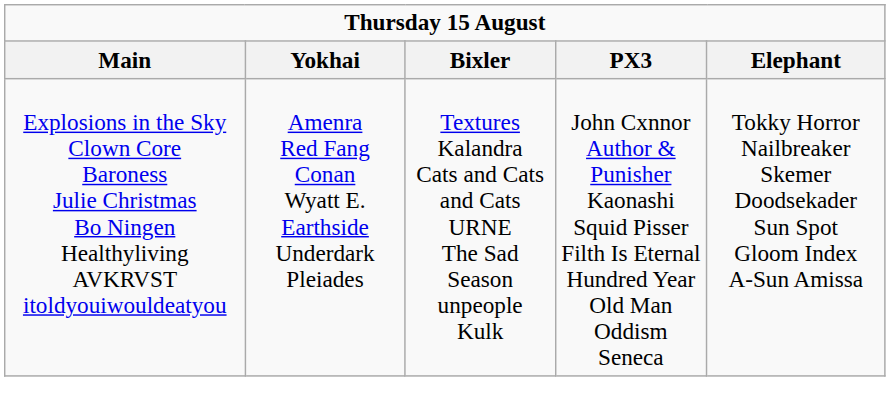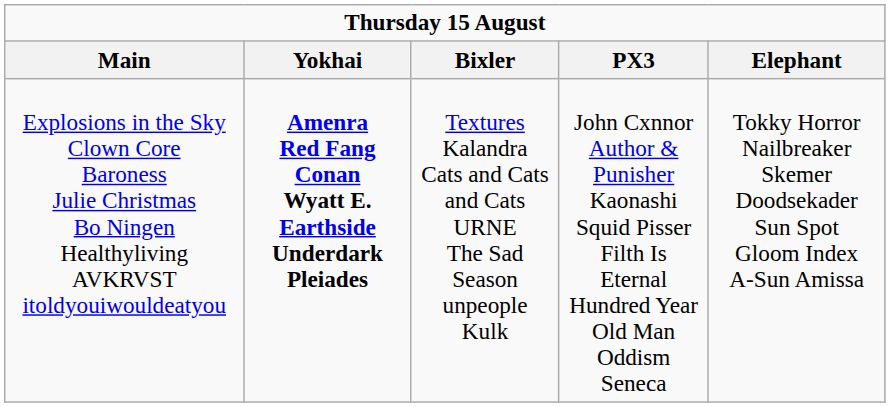 <table class="wikitable">
 <tr>
 <td colspan="5" style="text-align:center;"><strong>Thursday 15 August</strong></td>
 </tr>
 <tr>
 <th>Main</th>
 <th>Yokhai</th>
 <th>Bixler</th>
 <th>PX3</th>
 <th>Elephant</th>
 </tr>
 <tr>
 <td style="text-align:center; vertical-align:top; width:215px;"><br><a href='#'>Explosions in the Sky</a><br> <a href='#'>Clown Core</a><br> <a href='#'>Baroness</a><br> <a href='#'>Julie Christmas</a><br> <a href='#'>Bo Ningen</a><br> Healthyliving<br> AVKRVST<br> <a href='#'>itoldyouiwouldeatyou</a> <br></td>
-<td style="text-align:center; vertical-align:top; width:215px;"><br><a href='#'>Amenra</a><br> <a href='#'>Red Fang</a><br> <a href='#'>Conan</a><br> Wyatt E.<br> <a href='#'>Earthside</a><br> Underdark<br> Pleiades<br></td>
+<td style="text-align:center; vertical-align:top; width:215px;"><strong><br><a href='#'>Amenra</a><br> <a href='#'>Red Fang</a><br> <a href='#'>Conan</a><br> Wyatt E.<br> <a href='#'>Earthside</a><br> Underdark<br> Pleiades<br></strong></td>
 <td style="text-align:center; vertical-align:top; width:215px;"><br><a href='#'>Textures</a><br> Kalandra<br> Cats and Cats and Cats<br> URNE<br> The Sad Season<br> unpeople<br> Kulk<br></td>
 <td style="text-align:center; vertical-align:top; width:215px;"><br>John Cxnnor<br> <a href='#'>Author & Punisher</a><br> Kaonashi<br> Squid Pisser<br> Filth Is Eternal<br> Hundred Year Old Man<br> Oddism<br> Seneca<br></td>
 <td style="text-align:center; vertical-align:top; width:215px;"><br>Tokky Horror<br> Nailbreaker<br> Skemer<br> Doodsekader<br> Sun Spot<br> Gloom Index<br> A-Sun Amissa<br></td>
 </tr>
 </table>
